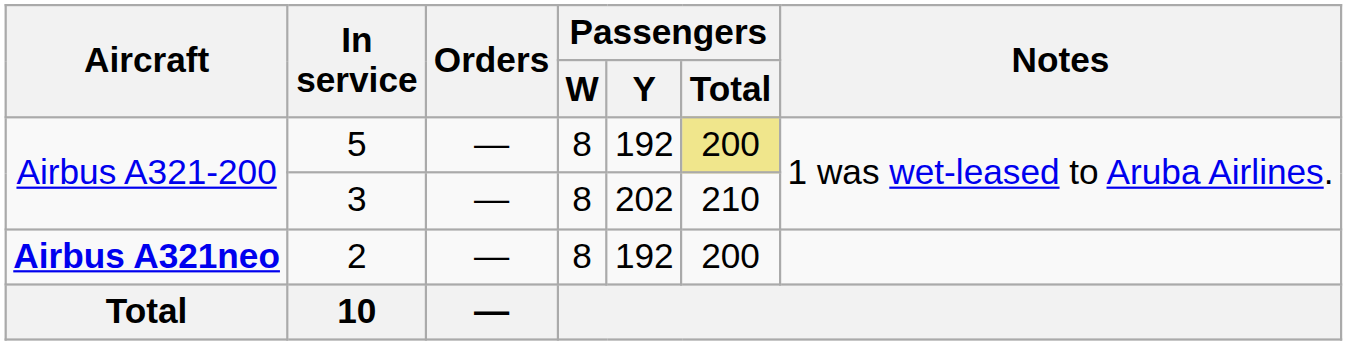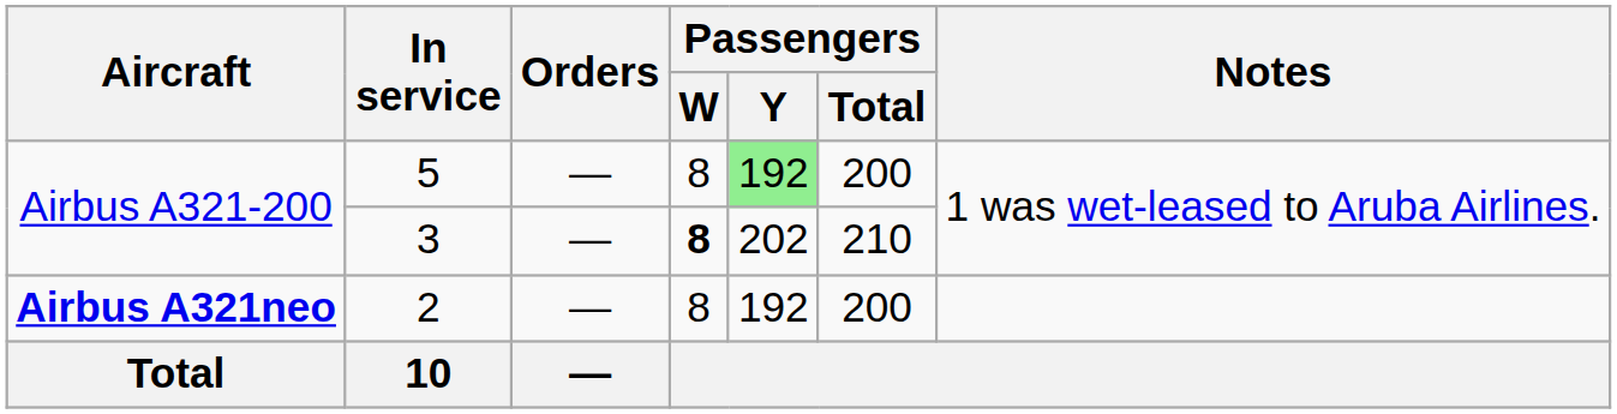 <table class="wikitable" style="border-collapse:collapse;text-align:center; margin-left: auto; margin-right: auto; margin: auto;">
 <tr>
 <th rowspan="2">Aircraft</th>
 <th rowspan="2">In<br>service</th>
 <th rowspan="2">Orders</th>
 <th colspan="3">Passengers</th>
 <th rowspan="2">Notes</th>
 </tr>
 <tr>
 <th><abbr>W</abbr></th>
 <th><abbr>Y</abbr></th>
 <th>Total</th>
 </tr>
 <tr>
 <td rowspan="2"><a href='#'>Airbus A321-200</a></td>
 <td>5</td>
 <td>—</td>
 <td>8</td>
-<td>192</td>
-<td style="background: khaki;">200</td>
+<td style="background: lightgreen;">192</td>
+<td>200</td>
 <td rowspan="2">1 was <a href='#'>wet-leased</a> to <a href='#'>Aruba Airlines</a>.</td>
 </tr>
 <tr>
 <td>3</td>
 <td>—</td>
-<td>8</td>
+<td><strong>8</strong></td>
 <td>202</td>
 <td>210</td>
 </tr>
 <tr>
 <td><strong><a href='#'>Airbus A321neo</a></strong></td>
 <td>2</td>
 <td>—</td>
 <td>8</td>
 <td>192</td>
 <td>200</td>
 <td></td>
 </tr>
 <tr>
 <th>Total</th>
 <th>10</th>
 <th>—</th>
 <th colspan="4"></th>
 </tr>
 </table>
